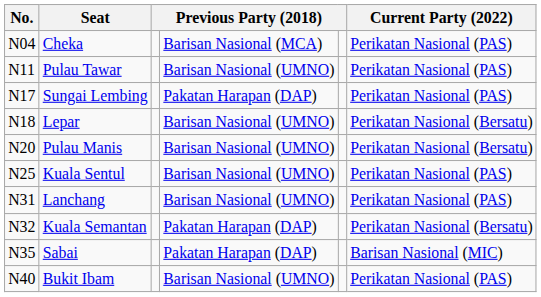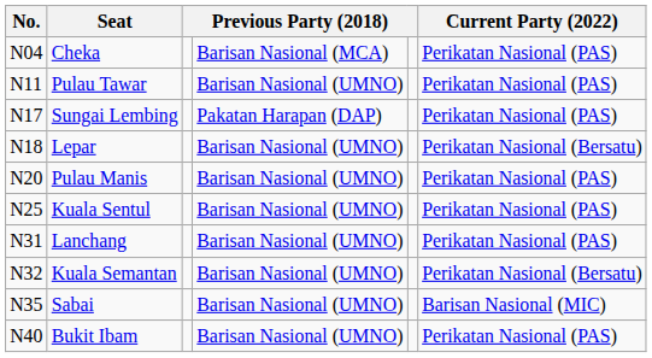 <table class="wikitable sortable" style="font-size:95%;">
 <tr>
 <th scope="col">No.</th>
 <th scope="col">Seat</th>
 <th colspan="3" scope="col">Previous Party (2018)</th>
 <th colspan="3" scope="col">Current Party (2022)</th>
 </tr>
 <tr>
 <td>N04</td>
 <td><a href='#'>Cheka</a></td>
 <td width="1"></td>
 <td><a href='#'>Barisan Nasional</a> (<a href='#'>MCA</a>)</td>
 <td width="1"></td>
 <td><a href='#'>Perikatan Nasional</a> (<a href='#'>PAS</a>)</td>
 </tr>
 <tr>
 <td>N11</td>
 <td><a href='#'>Pulau Tawar</a></td>
 <td width="1"></td>
 <td><a href='#'>Barisan Nasional</a> (<a href='#'>UMNO</a>)</td>
 <td width="1"></td>
 <td><a href='#'>Perikatan Nasional</a> (<a href='#'>PAS</a>)</td>
 </tr>
 <tr>
 <td>N17</td>
 <td><a href='#'>Sungai Lembing</a></td>
 <td width="1"></td>
 <td><a href='#'>Pakatan Harapan</a> (<a href='#'>DAP</a>)</td>
 <td width="1"></td>
 <td><a href='#'>Perikatan Nasional</a> (<a href='#'>PAS</a>)</td>
 </tr>
 <tr>
 <td>N18</td>
 <td><a href='#'>Lepar</a></td>
 <td width="1"></td>
 <td><a href='#'>Barisan Nasional</a> (<a href='#'>UMNO</a>)</td>
 <td width="1"></td>
 <td><a href='#'>Perikatan Nasional</a> (<a href='#'>Bersatu</a>)</td>
 </tr>
 <tr>
 <td>N20</td>
 <td><a href='#'>Pulau Manis</a></td>
 <td width="1"></td>
 <td><a href='#'>Barisan Nasional</a> (<a href='#'>UMNO</a>)</td>
 <td width="1"></td>
-<td><a href='#'>Perikatan Nasional</a> (<a href='#'>Bersatu</a>)</td>
+<td><a href='#'>Perikatan Nasional</a> (<a href='#'>PAS</a>)</td>
 </tr>
 <tr>
 <td>N25</td>
 <td><a href='#'>Kuala Sentul</a></td>
 <td width="1"></td>
 <td><a href='#'>Barisan Nasional</a> (<a href='#'>UMNO</a>)</td>
 <td width="1"></td>
 <td><a href='#'>Perikatan Nasional</a> (<a href='#'>PAS</a>)</td>
 </tr>
 <tr>
 <td>N31</td>
 <td><a href='#'>Lanchang</a></td>
 <td width="1"></td>
 <td><a href='#'>Barisan Nasional</a> (<a href='#'>UMNO</a>)</td>
 <td width="1"></td>
 <td><a href='#'>Perikatan Nasional</a> (<a href='#'>PAS</a>)</td>
 </tr>
 <tr>
 <td>N32</td>
 <td><a href='#'>Kuala Semantan</a></td>
 <td width="1"></td>
-<td><a href='#'>Pakatan Harapan</a> (<a href='#'>DAP</a>)</td>
+<td><a href='#'>Barisan Nasional</a> (<a href='#'>UMNO</a>)</td>
 <td width="1"></td>
 <td><a href='#'>Perikatan Nasional</a> (<a href='#'>Bersatu</a>)</td>
 </tr>
 <tr>
 <td>N35</td>
 <td><a href='#'>Sabai</a></td>
 <td width="1"></td>
-<td><a href='#'>Pakatan Harapan</a> (<a href='#'>DAP</a>)</td>
+<td><a href='#'>Barisan Nasional</a> (<a href='#'>UMNO</a>)</td>
 <td width="1"></td>
 <td><a href='#'>Barisan Nasional</a> (<a href='#'>MIC</a>)</td>
 </tr>
 <tr>
 <td>N40</td>
 <td><a href='#'>Bukit Ibam</a></td>
 <td width="1"></td>
 <td><a href='#'>Barisan Nasional</a> (<a href='#'>UMNO</a>)</td>
 <td width="1"></td>
 <td><a href='#'>Perikatan Nasional</a> (<a href='#'>PAS</a>)</td>
 </tr>
 </table>
